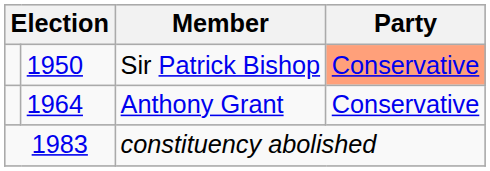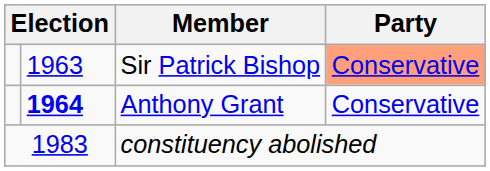 <table class="wikitable">
 <tr>
 <th colspan="2">Election</th>
 <th>Member</th>
 <th>Party</th>
 </tr>
 <tr>
 <td style="color:inherit;background-color: "></td>
-<td><a href='#'>1950</a></td>
+<td><a href='#'>1963</a></td>
 <td>Sir <a href='#'>Patrick Bishop</a></td>
 <td style="background: lightsalmon;"><a href='#'>Conservative</a></td>
 </tr>
 <tr>
 <td style="color:inherit;background-color: "></td>
-<td><a href='#'>1964</a></td>
+<td><strong><a href='#'>1964</a></strong></td>
 <td><a href='#'>Anthony Grant</a></td>
 <td><a href='#'>Conservative</a></td>
 </tr>
 <tr>
 <td colspan="2" align="center"><a href='#'>1983</a></td>
 <td colspan="2"><em>constituency abolished</em></td>
 </tr>
 </table>
